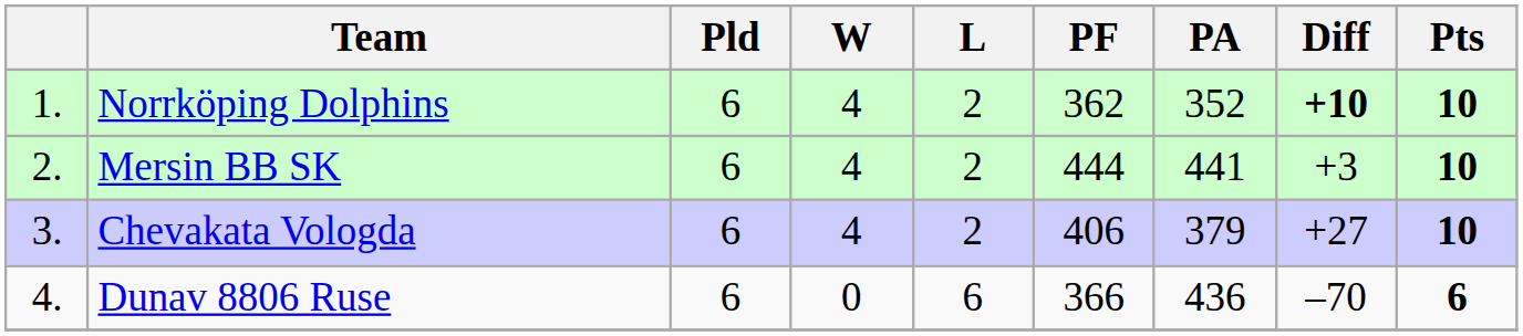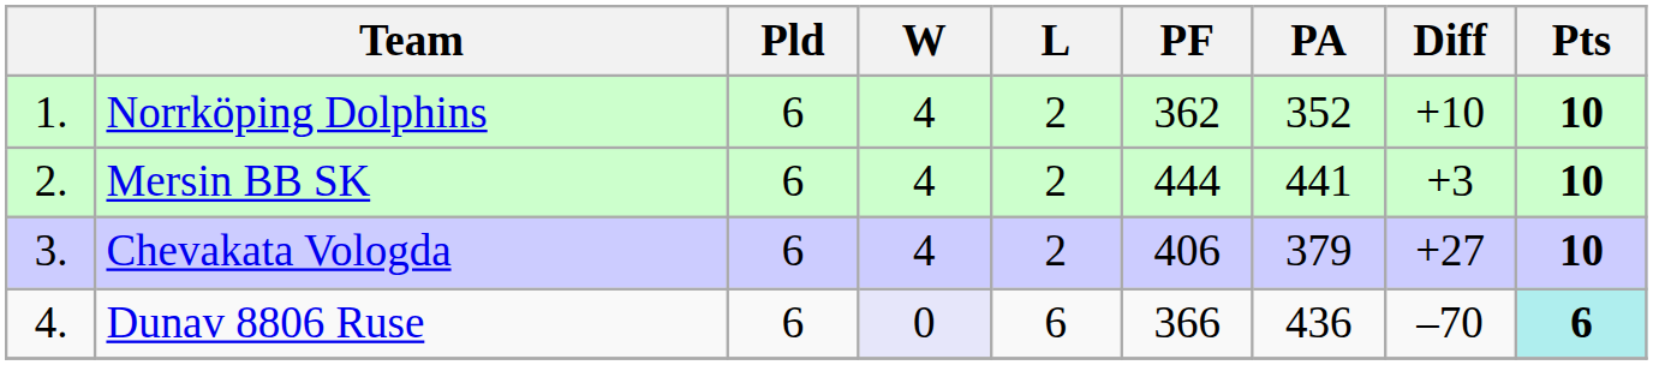 <table class="wikitable" style="text-align:center">
 <tr>
 <th width=25></th>
 <th width=220>Team</th>
 <th width=40>Pld</th>
 <th width=40>W</th>
 <th width=40>L</th>
 <th width=40>PF</th>
 <th width=40>PA</th>
 <th width=40>Diff</th>
 <th width=40>Pts</th>
 </tr>
 <tr style="background:#cfc;">
 <td>1.</td>
 <td align=left> <a href='#'>Norrköping Dolphins</a></td>
 <td>6</td>
 <td>4</td>
 <td>2</td>
 <td>362</td>
 <td>352</td>
-<td><strong>+10</strong></td>
+<td>+10</td>
 <td><strong>10</strong></td>
 </tr>
 <tr style="background:#cfc;">
 <td>2.</td>
 <td align=left> <a href='#'>Mersin BB SK</a></td>
 <td>6</td>
 <td>4</td>
 <td>2</td>
 <td>444</td>
 <td>441</td>
 <td>+3</td>
 <td><strong>10</strong></td>
 </tr>
 <tr style="background:#ccccff;">
 <td>3.</td>
 <td align=left> <a href='#'>Chevakata Vologda</a></td>
 <td>6</td>
 <td>4</td>
 <td>2</td>
 <td>406</td>
 <td>379</td>
 <td>+27</td>
 <td><strong>10</strong></td>
 </tr>
 <tr>
 <td>4.</td>
 <td align=left> <a href='#'>Dunav 8806 Ruse</a></td>
 <td>6</td>
-<td>0</td>
+<td style="background: lavender;">0</td>
 <td>6</td>
 <td>366</td>
 <td>436</td>
 <td>–70</td>
-<td><strong>6</strong></td>
+<td style="background: paleturquoise;"><strong>6</strong></td>
 </tr>
 <tr>
 </tr>
 </table>
